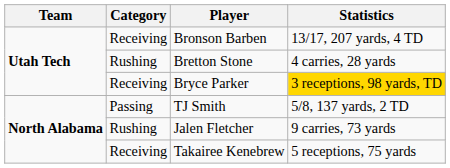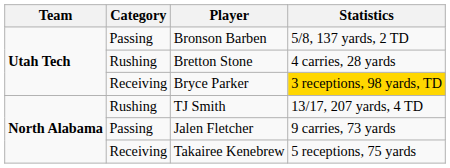 <table class="wikitable" style="float: right;">
 <tr>
 <th>Team</th>
 <th>Category</th>
 <th>Player</th>
 <th>Statistics</th>
 </tr>
 <tr>
 <td rowspan=3><strong>Utah Tech</strong></td>
-<td>Receiving</td>
+<td>Passing</td>
 <td>Bronson Barben</td>
-<td>13/17, 207 yards, 4 TD</td>
+<td>5/8, 137 yards, 2 TD</td>
 </tr>
 <tr>
 <td>Rushing</td>
 <td>Bretton Stone</td>
 <td>4 carries, 28 yards</td>
 </tr>
 <tr>
 <td>Receiving</td>
 <td>Bryce Parker</td>
 <td style="background: gold;">3 receptions, 98 yards, TD</td>
 </tr>
 <tr>
 <td rowspan=3><strong>North Alabama</strong></td>
-<td>Passing</td>
+<td>Rushing</td>
 <td>TJ Smith</td>
-<td>5/8, 137 yards, 2 TD</td>
+<td>13/17, 207 yards, 4 TD</td>
 </tr>
 <tr>
-<td>Rushing</td>
+<td>Passing</td>
 <td>Jalen Fletcher</td>
 <td>9 carries, 73 yards</td>
 </tr>
 <tr>
 <td>Receiving</td>
 <td>Takairee Kenebrew</td>
 <td>5 receptions, 75 yards</td>
 </tr>
 </table>
